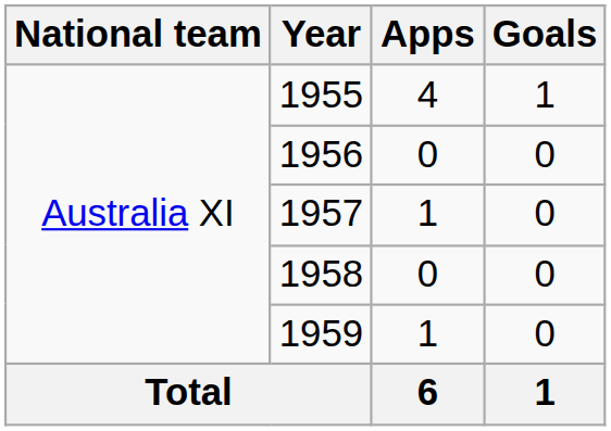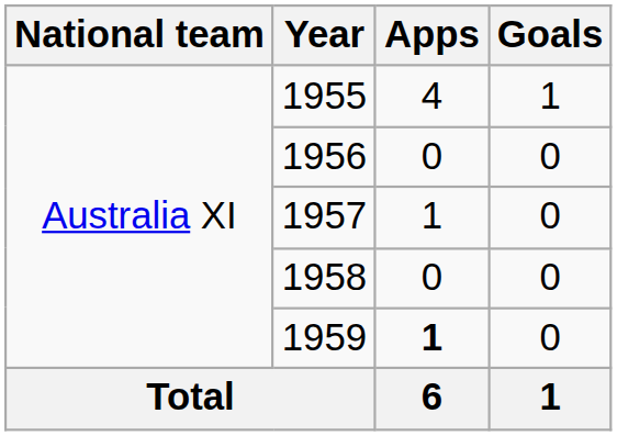 <table class="wikitable" style="text-align:center">
 <tr>
 <th>National team</th>
 <th>Year</th>
 <th>Apps</th>
 <th>Goals</th>
 </tr>
 <tr>
 <td rowspan="5"><a href='#'>Australia</a> XI</td>
 <td>1955</td>
 <td>4</td>
 <td>1</td>
 </tr>
 <tr>
 <td>1956</td>
 <td>0</td>
 <td>0</td>
 </tr>
 <tr>
 <td>1957</td>
 <td>1</td>
 <td>0</td>
 </tr>
 <tr>
 <td>1958</td>
 <td>0</td>
 <td>0</td>
 </tr>
 <tr>
 <td>1959</td>
-<td>1</td>
+<td><strong>1</strong></td>
 <td>0</td>
 </tr>
 <tr>
 <th colspan=2>Total</th>
 <th>6</th>
 <th>1</th>
 </tr>
 </table>
